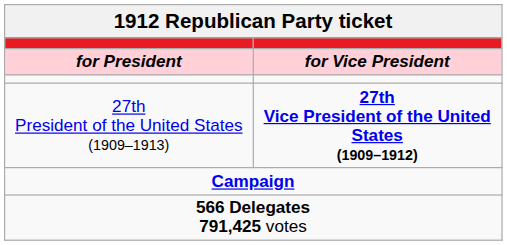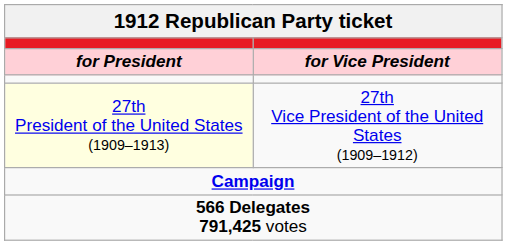 <table class="wikitable" style="font-size:90%; text-align:center;">
 <tr>
 <td style="background:#f1f1f1;" colspan="30"><big><strong>1912 Republican Party ticket</strong></big></td>
 </tr>
 <tr>
 <th style="width:3em; font-size:135%; background:#E81B23; width:200px;"><a href='#'></a></th>
 <th style="width:3em; font-size:135%; background:#E81B23; width:200px;"><a href='#'></a></th>
 </tr>
 <tr style="color:#000; font-size:100%; background:#FFD0D7;">
 <td style="width:3em; width:200px;"><strong><em>for President</em></strong></td>
 <td style="width:3em; width:200px;"><strong><em>for Vice President</em></strong></td>
 </tr>
 <tr>
 <td></td>
 <td></td>
 </tr>
 <tr>
-<td><a href='#'>27th</a><br><a href='#'>President of the United States</a><br><small>(1909–1913)</small></td>
-<td><strong><a href='#'>27th</a><br><a href='#'>Vice President of the United States</a><br><small>(1909–1912)</small></strong></td>
+<td style="background: lightyellow;"><a href='#'>27th</a><br><a href='#'>President of the United States</a><br><small>(1909–1913)</small></td>
+<td><a href='#'>27th</a><br><a href='#'>Vice President of the United States</a><br><small>(1909–1912)</small></td>
 </tr>
 <tr>
 <td colspan=2><a href='#'><strong>Campaign</strong></a></td>
 </tr>
 <tr>
 <td colspan=2><strong>566 Delegates<br>791,425</strong> votes</td>
 </tr>
 </table>
